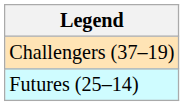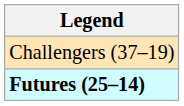 <table class=wikitable>
 <tr>
 <th>Legend</th>
 </tr>
 <tr style="background:moccasin;">
 <td>Challengers (37–19)</td>
 </tr>
 <tr style="background:#cffcff;">
-<td>Futures (25–14)</td>
+<td><strong>Futures (25–14)</strong></td>
 </tr>
 </table>
